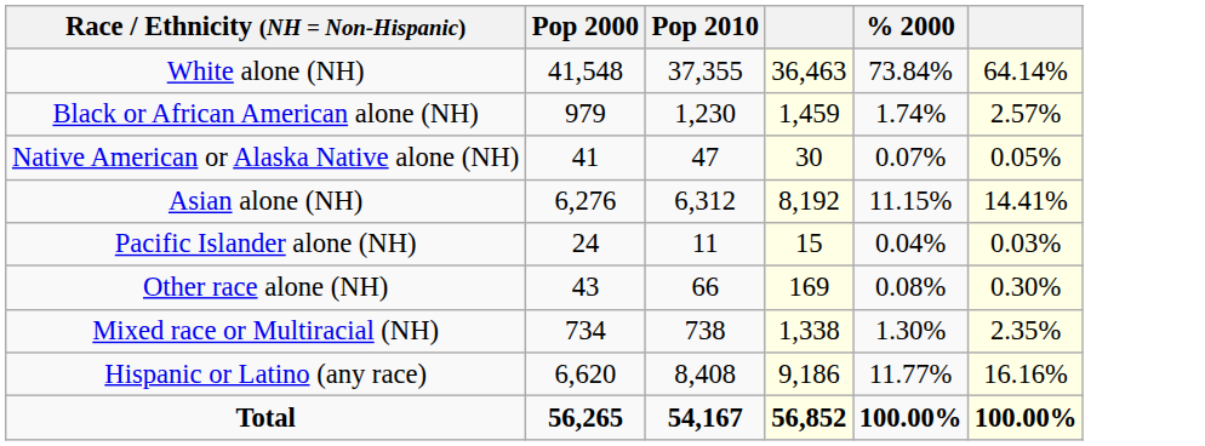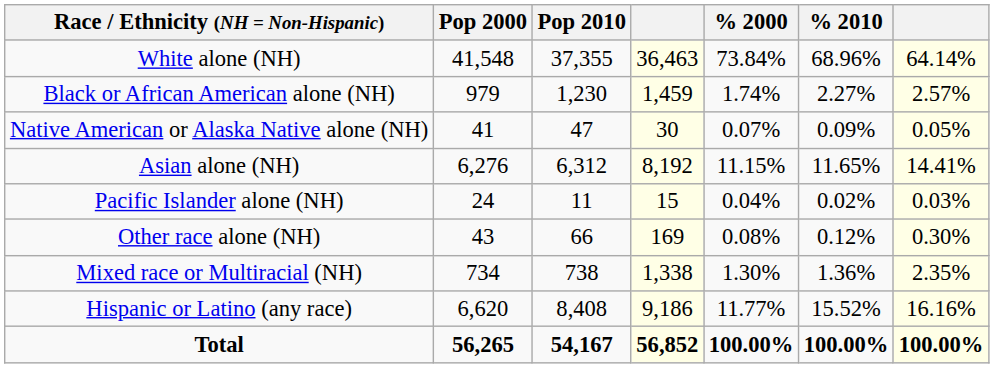 <table class="wikitable" style="text-align:center;">
 <tr>
 <th>Race / Ethnicity <small>(<em>NH = Non-Hispanic</em>)</small></th>
 <th>Pop 2000</th>
 <th>Pop 2010</th>
 <th></th>
 <th>% 2000</th>
+<th>% 2010</th>
 <th></th>
 </tr>
 <tr>
 <td><a href='#'>White</a> alone (NH)</td>
 <td>41,548</td>
 <td>37,355</td>
 <td style='background: #ffffe6;'>36,463</td>
 <td>73.84%</td>
+<td>68.96%</td>
 <td style='background: #ffffe6;'>64.14%</td>
 </tr>
 <tr>
 <td><a href='#'>Black or African American</a> alone (NH)</td>
 <td>979</td>
 <td>1,230</td>
 <td style='background: #ffffe6;'>1,459</td>
 <td>1.74%</td>
+<td>2.27%</td>
 <td style='background: #ffffe6;'>2.57%</td>
 </tr>
 <tr>
 <td><a href='#'>Native American</a> or <a href='#'>Alaska Native</a> alone (NH)</td>
 <td>41</td>
 <td>47</td>
 <td style='background: #ffffe6;'>30</td>
 <td>0.07%</td>
+<td>0.09%</td>
 <td style='background: #ffffe6;'>0.05%</td>
 </tr>
 <tr>
 <td><a href='#'>Asian</a> alone (NH)</td>
 <td>6,276</td>
 <td>6,312</td>
 <td style='background: #ffffe6;'>8,192</td>
 <td>11.15%</td>
+<td>11.65%</td>
 <td style='background: #ffffe6;'>14.41%</td>
 </tr>
 <tr>
 <td><a href='#'>Pacific Islander</a> alone (NH)</td>
 <td>24</td>
 <td>11</td>
 <td style='background: #ffffe6;'>15</td>
 <td>0.04%</td>
+<td>0.02%</td>
 <td style='background: #ffffe6;'>0.03%</td>
 </tr>
 <tr>
 <td><a href='#'>Other race</a> alone (NH)</td>
 <td>43</td>
 <td>66</td>
 <td style='background: #ffffe6;'>169</td>
 <td>0.08%</td>
+<td>0.12%</td>
 <td style='background: #ffffe6;'>0.30%</td>
 </tr>
 <tr>
 <td><a href='#'>Mixed race or Multiracial</a> (NH)</td>
 <td>734</td>
 <td>738</td>
 <td style='background: #ffffe6;'>1,338</td>
 <td>1.30%</td>
+<td>1.36%</td>
 <td style='background: #ffffe6;'>2.35%</td>
 </tr>
 <tr>
 <td><a href='#'>Hispanic or Latino</a> (any race)</td>
 <td>6,620</td>
 <td>8,408</td>
 <td style='background: #ffffe6;'>9,186</td>
 <td>11.77%</td>
+<td>15.52%</td>
 <td style='background: #ffffe6;'>16.16%</td>
 </tr>
 <tr>
 <td><strong>Total</strong></td>
 <td><strong>56,265</strong></td>
 <td><strong>54,167</strong></td>
 <td style='background: #ffffe6;'><strong>56,852</strong></td>
 <td><strong>100.00%</strong></td>
+<td><strong>100.00%</strong></td>
 <td style='background: #ffffe6;'><strong>100.00%</strong></td>
 </tr>
 </table>
